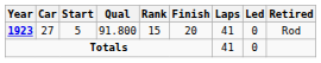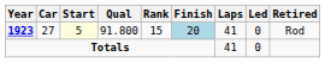 <table class="wikitable" style="text-align:center">
 <tr>
 <th>Year</th>
 <th>Car</th>
 <th>Start</th>
 <th>Qual</th>
 <th>Rank</th>
 <th>Finish</th>
 <th>Laps</th>
 <th>Led</th>
 <th>Retired</th>
 </tr>
 <tr>
 <th><a href='#'>1923</a></th>
 <td>27</td>
-<td>5</td>
+<td style="background: lightyellow;">5</td>
 <td>91.800</td>
 <td>15</td>
-<td>20</td>
+<td style="background: lightblue;">20</td>
 <td>41</td>
 <td>0</td>
 <td>Rod</td>
 </tr>
 <tr>
 <td colspan=6><strong>Totals</strong></td>
 <td>41</td>
 <td>0</td>
 <td></td>
 </tr>
 </table>
